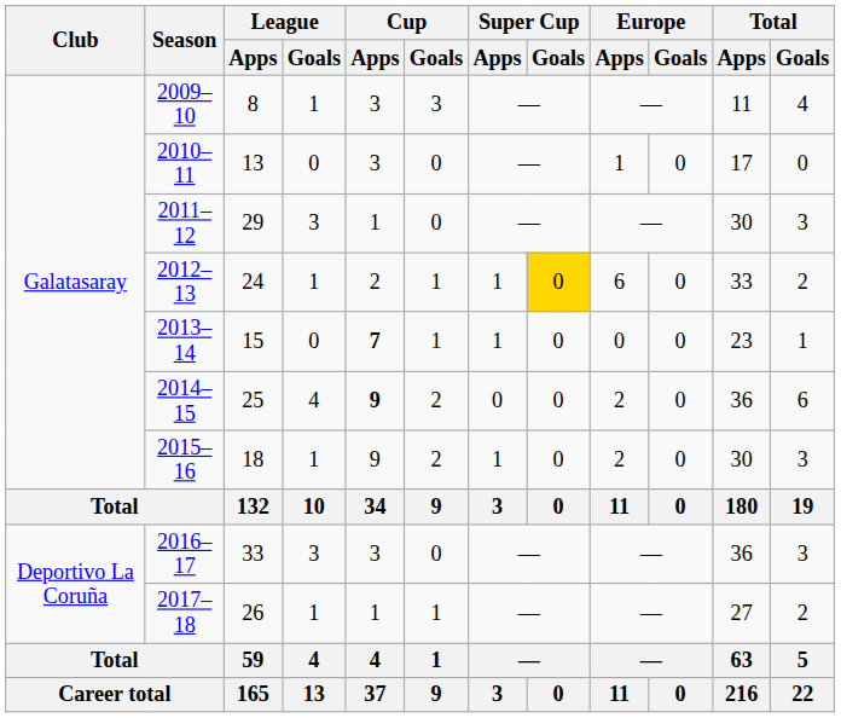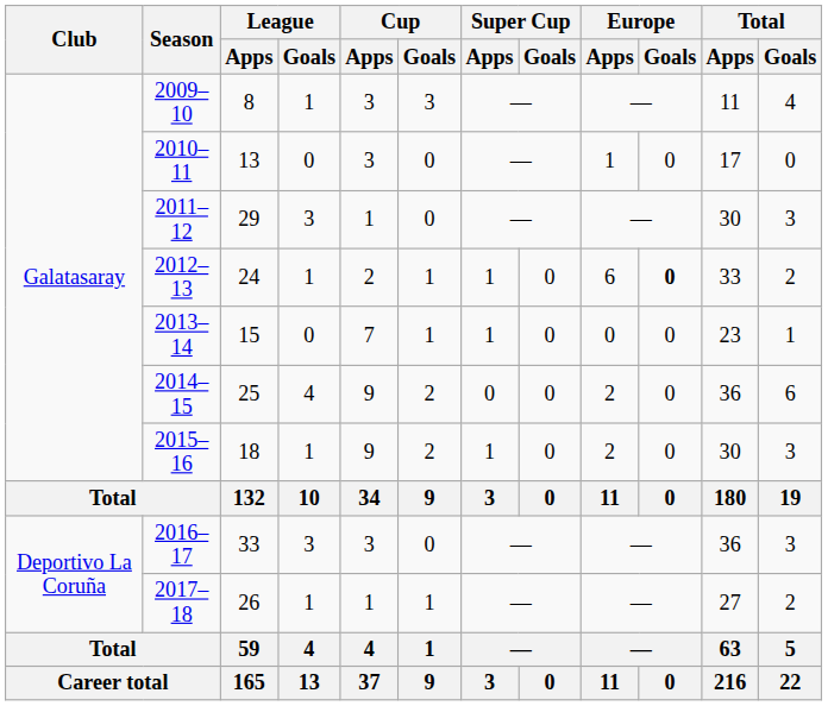 <table class="wikitable" style="text-align: center;">
 <tr>
 <th rowspan="2">Club</th>
 <th rowspan="2">Season</th>
 <th colspan="2">League</th>
 <th colspan="2">Cup</th>
 <th colspan="2">Super Cup</th>
 <th colspan="2">Europe</th>
 <th colspan="2">Total</th>
 </tr>
 <tr>
 <th>Apps</th>
 <th>Goals</th>
 <th>Apps</th>
 <th>Goals</th>
 <th>Apps</th>
 <th>Goals</th>
 <th>Apps</th>
 <th>Goals</th>
 <th>Apps</th>
 <th>Goals</th>
 </tr>
 <tr>
 <td rowspan="7" valign="center"><a href='#'>Galatasaray</a></td>
 <td><a href='#'>2009–10</a></td>
 <td>8</td>
 <td>1</td>
 <td>3</td>
 <td>3</td>
 <td colspan="2">—</td>
 <td colspan="2">—</td>
 <td>11</td>
 <td>4</td>
 </tr>
 <tr>
 <td><a href='#'>2010–11</a></td>
 <td>13</td>
 <td>0</td>
 <td>3</td>
 <td>0</td>
 <td colspan="2">—</td>
 <td>1</td>
 <td>0</td>
 <td>17</td>
 <td>0</td>
 </tr>
 <tr>
 <td><a href='#'>2011–12</a></td>
 <td>29</td>
 <td>3</td>
 <td>1</td>
 <td>0</td>
 <td colspan="2">—</td>
 <td colspan="2">—</td>
 <td>30</td>
 <td>3</td>
 </tr>
 <tr>
 <td><a href='#'>2012–13</a></td>
 <td>24</td>
 <td>1</td>
 <td>2</td>
 <td>1</td>
 <td>1</td>
-<td style="background: gold;">0</td>
+<td>0</td>
 <td>6</td>
-<td>0</td>
+<td><strong>0</strong></td>
 <td>33</td>
 <td>2</td>
 </tr>
 <tr>
 <td><a href='#'>2013–14</a></td>
 <td>15</td>
 <td>0</td>
-<td><strong>7</strong></td>
+<td>7</td>
 <td>1</td>
 <td>1</td>
 <td>0</td>
 <td>0</td>
 <td>0</td>
 <td>23</td>
 <td>1</td>
 </tr>
 <tr>
 <td><a href='#'>2014–15</a></td>
 <td>25</td>
 <td>4</td>
-<td><strong>9</strong></td>
+<td>9</td>
 <td>2</td>
 <td>0</td>
 <td>0</td>
 <td>2</td>
 <td>0</td>
 <td>36</td>
 <td>6</td>
 </tr>
 <tr>
 <td><a href='#'>2015–16</a></td>
 <td>18</td>
 <td>1</td>
 <td>9</td>
 <td>2</td>
 <td>1</td>
 <td>0</td>
 <td>2</td>
 <td>0</td>
 <td>30</td>
 <td>3</td>
 </tr>
 <tr>
 <th colspan="2">Total</th>
 <th>132</th>
 <th>10</th>
 <th>34</th>
 <th>9</th>
 <th>3</th>
 <th>0</th>
 <th>11</th>
 <th>0</th>
 <th>180</th>
 <th>19</th>
 </tr>
 <tr>
 <td rowspan="2" valign="center"><a href='#'>Deportivo La Coruña</a></td>
 <td><a href='#'>2016–17</a></td>
 <td>33</td>
 <td>3</td>
 <td>3</td>
 <td>0</td>
 <td colspan="2">—</td>
 <td colspan="2">—</td>
 <td>36</td>
 <td>3</td>
 </tr>
 <tr>
 <td><a href='#'>2017–18</a></td>
 <td>26</td>
 <td>1</td>
 <td>1</td>
 <td>1</td>
 <td colspan="2">—</td>
 <td colspan="2">—</td>
 <td>27</td>
 <td>2</td>
 </tr>
 <tr>
 <th colspan="2">Total</th>
 <th>59</th>
 <th>4</th>
 <th>4</th>
 <th>1</th>
 <th colspan="2">—</th>
 <th colspan="2">—</th>
 <th>63</th>
 <th>5</th>
 </tr>
 <tr>
 <th colspan="2">Career total</th>
 <th>165</th>
 <th>13</th>
 <th>37</th>
 <th>9</th>
 <th>3</th>
 <th>0</th>
 <th>11</th>
 <th>0</th>
 <th>216</th>
 <th>22</th>
 </tr>
 </table>
